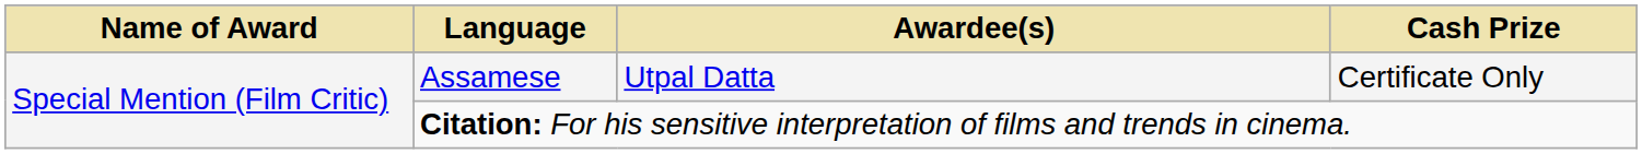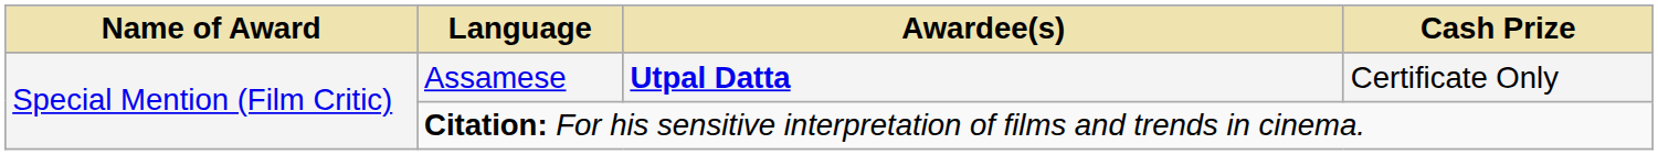 <table class="wikitable">
 <tr>
 <th style="background-color:#EFE4B0;width:20%;">Name of Award</th>
 <th style="background-color:#EFE4B0;width:10%;">Language</th>
 <th style="background-color:#EFE4B0;width:35%;">Awardee(s)</th>
 <th style="background-color:#EFE4B0;width:15%;">Cash Prize</th>
 </tr>
 <tr style="background-color:#F4F4F4">
 <td rowspan="2"><a href='#'>Special Mention (Film Critic)</a></td>
 <td><a href='#'>Assamese</a></td>
-<td><a href='#'>Utpal Datta</a></td>
+<td><strong><a href='#'>Utpal Datta</a></strong></td>
 <td>Certificate Only</td>
 </tr>
 <tr style="background-color:#F9F9F9">
 <td colspan="4"><strong>Citation:</strong> <em>For his sensitive interpretation of films and trends in cinema.</em></td>
 </tr>
 </table>
